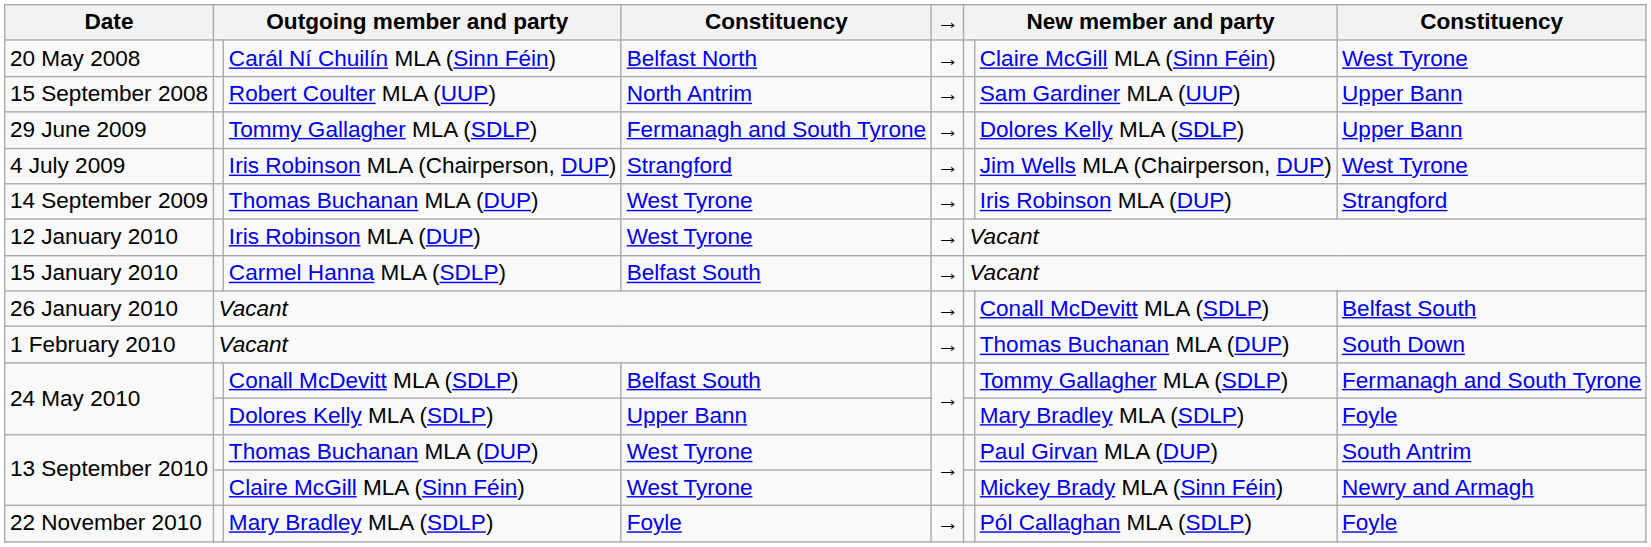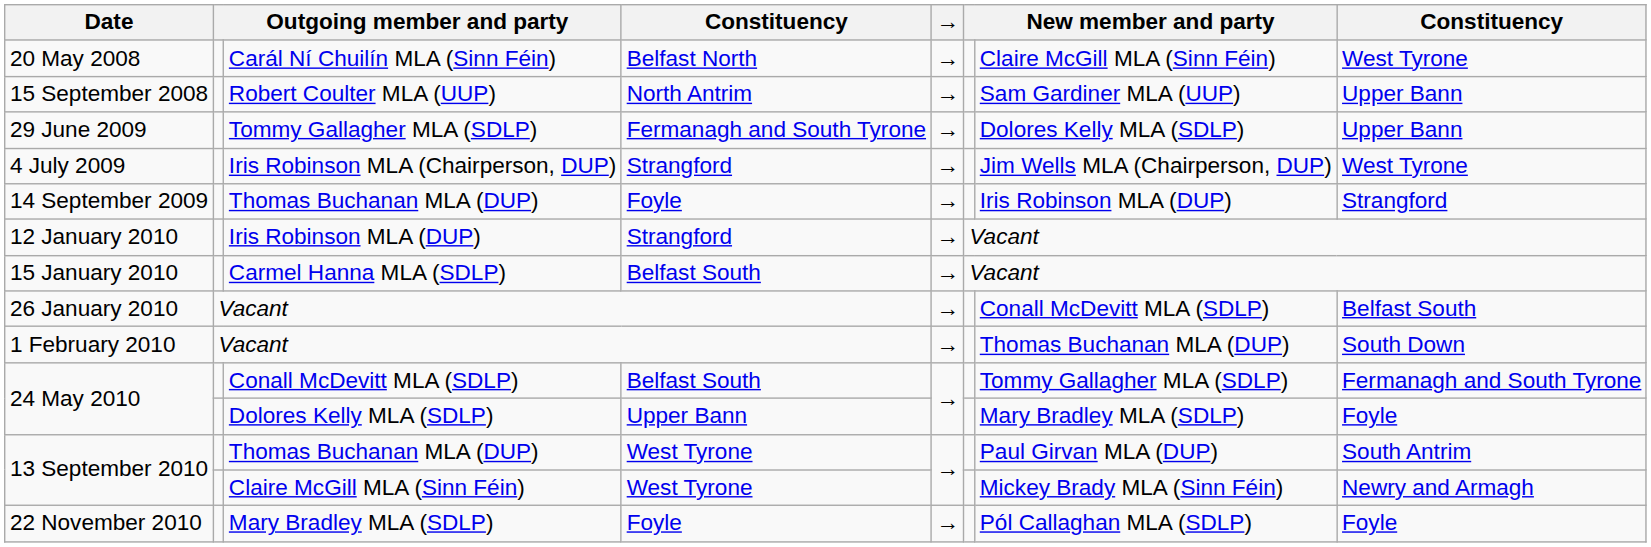 <table class="wikitable">
 <tr>
 <th valign="top">Date</th>
 <th colspan="2" valign="top">Outgoing member and party</th>
 <th valign="top">Constituency</th>
 <th>→</th>
 <th colspan="2" valign="top">New member and party</th>
 <th valign="top">Constituency</th>
 </tr>
 <tr>
 <td>20 May 2008</td>
 <td></td>
 <td><a href='#'>Carál Ní Chuilín</a> MLA (<a href='#'>Sinn Féin</a>)</td>
 <td><a href='#'>Belfast North</a></td>
 <td>→</td>
 <td></td>
 <td><a href='#'>Claire McGill</a> MLA (<a href='#'>Sinn Féin</a>)</td>
 <td><a href='#'>West Tyrone</a></td>
 </tr>
 <tr>
 <td>15 September 2008</td>
 <td></td>
 <td><a href='#'>Robert Coulter</a> MLA (<a href='#'>UUP</a>)</td>
 <td><a href='#'>North Antrim</a></td>
 <td>→</td>
 <td></td>
 <td><a href='#'>Sam Gardiner</a> MLA (<a href='#'>UUP</a>)</td>
 <td><a href='#'>Upper Bann</a></td>
 </tr>
 <tr>
 <td>29 June 2009</td>
 <td></td>
 <td><a href='#'>Tommy Gallagher</a> MLA (<a href='#'>SDLP</a>)</td>
 <td><a href='#'>Fermanagh and South Tyrone</a></td>
 <td>→</td>
 <td></td>
 <td><a href='#'>Dolores Kelly</a> MLA (<a href='#'>SDLP</a>)</td>
 <td><a href='#'>Upper Bann</a></td>
 </tr>
 <tr>
 <td>4 July 2009</td>
 <td></td>
 <td><a href='#'>Iris Robinson</a> MLA (Chairperson, <a href='#'>DUP</a>)</td>
 <td><a href='#'>Strangford</a></td>
 <td>→</td>
 <td></td>
 <td><a href='#'>Jim Wells</a> MLA (Chairperson, <a href='#'>DUP</a>)</td>
 <td><a href='#'>West Tyrone</a></td>
 </tr>
 <tr>
 <td>14 September 2009</td>
 <td></td>
 <td><a href='#'>Thomas Buchanan</a> MLA (<a href='#'>DUP</a>)</td>
-<td><a href='#'>West Tyrone</a></td>
+<td><a href='#'>Foyle</a></td>
 <td>→</td>
 <td></td>
 <td><a href='#'>Iris Robinson</a> MLA (<a href='#'>DUP</a>)</td>
 <td><a href='#'>Strangford</a></td>
 </tr>
 <tr>
 <td>12 January 2010</td>
 <td></td>
 <td><a href='#'>Iris Robinson</a> MLA (<a href='#'>DUP</a>)</td>
-<td><a href='#'>West Tyrone</a></td>
+<td><a href='#'>Strangford</a></td>
 <td>→</td>
 <td colspan=3><em>Vacant</em></td>
 </tr>
 <tr>
 <td>15 January 2010</td>
 <td></td>
 <td><a href='#'>Carmel Hanna</a> MLA (<a href='#'>SDLP</a>)</td>
 <td><a href='#'>Belfast South</a></td>
 <td>→</td>
 <td colspan=3><em>Vacant</em></td>
 </tr>
 <tr>
 <td>26 January 2010</td>
 <td colspan=3><em>Vacant</em></td>
 <td>→</td>
 <td></td>
 <td><a href='#'>Conall McDevitt</a> MLA (<a href='#'>SDLP</a>)</td>
 <td><a href='#'>Belfast South</a></td>
 </tr>
 <tr>
 <td>1 February 2010</td>
 <td colspan=3><em>Vacant</em></td>
 <td>→</td>
 <td></td>
 <td><a href='#'>Thomas Buchanan</a> MLA (<a href='#'>DUP</a>)</td>
 <td><a href='#'>South Down</a></td>
 </tr>
 <tr>
 <td rowspan=2>24 May 2010</td>
 <td></td>
 <td><a href='#'>Conall McDevitt</a> MLA (<a href='#'>SDLP</a>)</td>
 <td><a href='#'>Belfast South</a></td>
 <td rowspan=2>→</td>
 <td></td>
 <td><a href='#'>Tommy Gallagher</a> MLA (<a href='#'>SDLP</a>)</td>
 <td><a href='#'>Fermanagh and South Tyrone</a></td>
 </tr>
 <tr>
 <td></td>
 <td><a href='#'>Dolores Kelly</a> MLA (<a href='#'>SDLP</a>)</td>
 <td><a href='#'>Upper Bann</a></td>
 <td></td>
 <td><a href='#'>Mary Bradley</a> MLA (<a href='#'>SDLP</a>)</td>
 <td><a href='#'>Foyle</a></td>
 </tr>
 <tr>
 <td rowspan=2>13 September 2010</td>
 <td></td>
 <td><a href='#'>Thomas Buchanan</a> MLA (<a href='#'>DUP</a>)</td>
 <td><a href='#'>West Tyrone</a></td>
 <td rowspan=2>→</td>
 <td></td>
 <td><a href='#'>Paul Girvan</a> MLA (<a href='#'>DUP</a>)</td>
 <td><a href='#'>South Antrim</a></td>
 </tr>
 <tr>
 <td></td>
 <td><a href='#'>Claire McGill</a> MLA (<a href='#'>Sinn Féin</a>)</td>
 <td><a href='#'>West Tyrone</a></td>
 <td></td>
 <td><a href='#'>Mickey Brady</a> MLA (<a href='#'>Sinn Féin</a>)</td>
 <td><a href='#'>Newry and Armagh</a></td>
 </tr>
 <tr>
 <td>22 November 2010</td>
 <td></td>
 <td><a href='#'>Mary Bradley</a> MLA (<a href='#'>SDLP</a>)</td>
 <td><a href='#'>Foyle</a></td>
 <td>→</td>
 <td></td>
 <td><a href='#'>Pól Callaghan</a> MLA (<a href='#'>SDLP</a>)</td>
 <td><a href='#'>Foyle</a></td>
 </tr>
 </table>
